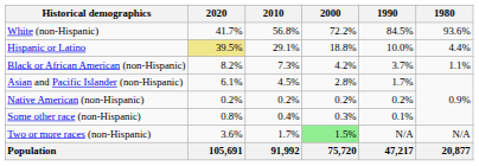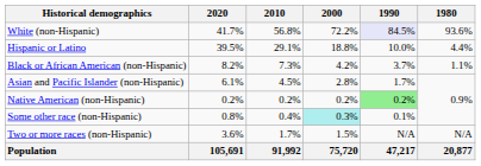 <table class="wikitable collapsible mw-collapsed collapsible" style="font-size: 90%; text-align: right;">
 <tr>
 <th>Historical demographics</th>
 <th style="width: 5em;">2020</th>
 <th style="width: 5em;">2010</th>
 <th style="width: 5em;">2000</th>
 <th style="width: 5em;">1990</th>
 <th style="width: 5em;">1980</th>
 </tr>
 <tr>
 <td style="text-align:left"><a href='#'>White</a> (non-Hispanic)</td>
 <td>41.7%</td>
 <td>56.8%</td>
 <td>72.2%</td>
-<td>84.5%</td>
+<td style="background: lavender;">84.5%</td>
 <td>93.6%</td>
 </tr>
 <tr>
 <td style="text-align:left"><a href='#'>Hispanic or Latino</a></td>
-<td style="background: khaki;">39.5%</td>
+<td>39.5%</td>
 <td>29.1%</td>
 <td>18.8%</td>
 <td>10.0%</td>
 <td>4.4%</td>
 </tr>
 <tr>
 <td style="text-align:left"><a href='#'>Black or African American</a> (non-Hispanic)</td>
 <td>8.2%</td>
 <td>7.3%</td>
 <td>4.2%</td>
 <td>3.7%</td>
 <td>1.1%</td>
 </tr>
 <tr>
 <td style="text-align:left"><a href='#'>Asian</a> and <a href='#'>Pacific Islander</a> (non-Hispanic)</td>
 <td>6.1%</td>
 <td>4.5%</td>
 <td>2.8%</td>
 <td>1.7%</td>
 <td rowspan="3">0.9%</td>
 </tr>
 <tr>
 <td style="text-align:left"><a href='#'>Native American</a> (non-Hispanic)</td>
 <td>0.2%</td>
 <td>0.2%</td>
 <td>0.2%</td>
-<td>0.2%</td>
+<td style="background: lightgreen;">0.2%</td>
 </tr>
 <tr>
 <td style="text-align:left"><a href='#'>Some other race</a> (non-Hispanic)</td>
 <td>0.8%</td>
 <td>0.4%</td>
-<td>0.3%</td>
+<td style="background: paleturquoise;">0.3%</td>
 <td>0.1%</td>
 </tr>
 <tr>
 <td style="text-align:left"><a href='#'>Two or more races</a> (non-Hispanic)</td>
 <td>3.6%</td>
 <td>1.7%</td>
-<td style="background: lightgreen;">1.5%</td>
+<td>1.5%</td>
 <td>N/A</td>
 <td>N/A</td>
 </tr>
 <tr>
 <th style="text-align:left">Population</th>
 <th style="text-align:right">105,691</th>
 <th style="text-align:right">91,992</th>
 <th style="text-align:right">75,720</th>
 <th style="text-align:right">47,217</th>
 <th style="text-align:right">20,877</th>
 </tr>
 </table>
